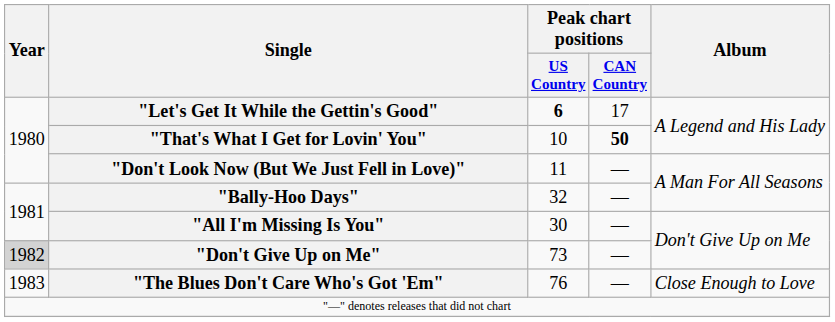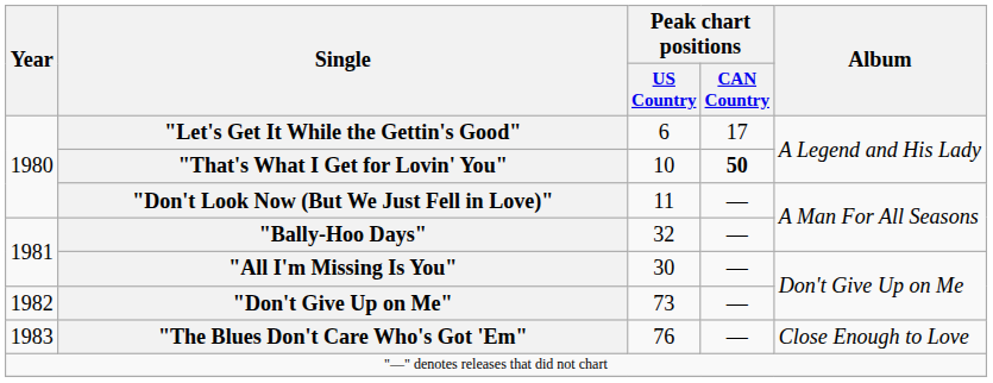 <table class="wikitable plainrowheaders" style="text-align:center;">
 <tr>
 <th rowspan="2">Year</th>
 <th rowspan="2" style="width:26em;">Single</th>
 <th colspan="2">Peak chart<br>positions</th>
 <th rowspan="2">Album</th>
 </tr>
 <tr style="font-size:smaller;">
 <th width="45"><a href='#'>US Country</a><br></th>
 <th width="45"><a href='#'>CAN Country</a><br></th>
 </tr>
 <tr>
 <td rowspan="3">1980</td>
 <th scope="row">"Let's Get It While the Gettin's Good"</th>
-<td><strong>6</strong></td>
+<td>6</td>
 <td>17</td>
 <td align="left" rowspan="2"><em>A Legend and His Lady</em></td>
 </tr>
 <tr>
 <th scope="row">"That's What I Get for Lovin' You"</th>
 <td>10</td>
 <td><strong>50</strong></td>
 </tr>
 <tr>
 <th scope="row">"Don't Look Now (But We Just Fell in Love)"</th>
 <td>11</td>
 <td>—</td>
 <td align="left" rowspan="2"><em>A Man For All Seasons</em></td>
 </tr>
 <tr>
 <td rowspan="2">1981</td>
 <th scope="row">"Bally-Hoo Days"</th>
 <td>32</td>
 <td>—</td>
 </tr>
 <tr>
 <th scope="row">"All I'm Missing Is You"</th>
 <td>30</td>
 <td>—</td>
 <td align="left" rowspan="2"><em>Don't Give Up on Me</em></td>
 </tr>
 <tr>
-<td style="background: lightgrey;">1982</td>
+<td>1982</td>
 <th scope="row">"Don't Give Up on Me"</th>
 <td>73</td>
 <td>—</td>
 </tr>
 <tr>
 <td>1983</td>
 <th scope="row">"The Blues Don't Care Who's Got 'Em"</th>
 <td>76</td>
 <td>—</td>
 <td align="left"><em>Close Enough to Love</em></td>
 </tr>
 <tr>
 <td colspan="5" style="font-size:8pt">"—" denotes releases that did not chart</td>
 </tr>
 <tr>
 </tr>
 </table>
